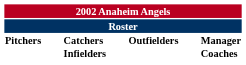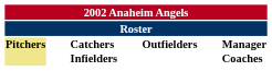 <table class="toccolours" style="font-size: 95%;">
 <tr>
 <th colspan="10" style="background-color: #BA0021; color: white; text-align: center;">2002 Anaheim Angels</th>
 </tr>
 <tr>
 <td colspan="10" style="background-color: #003263; color: white; text-align: center;"><strong>Roster</strong></td>
 </tr>
 <tr>
-<td valign="top"><strong>Pitchers</strong><br>                 </td>
+<td valign="top" style="background: khaki;"><strong>Pitchers</strong><br>                 </td>
 <td width="25"></td>
 <td valign="top"><strong>Catchers</strong><br>    <strong>Infielders</strong>           </td>
 <td width="25"></td>
 <td valign="top"><strong>Outfielders</strong><br>      </td>
 <td width="25"></td>
 <td valign="top"><strong>Manager</strong><br> <strong>Coaches</strong>      </td>
 </tr>
 </table>
